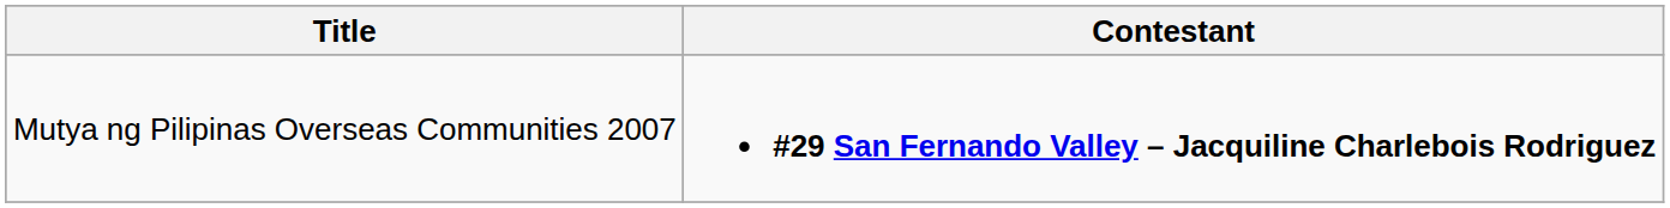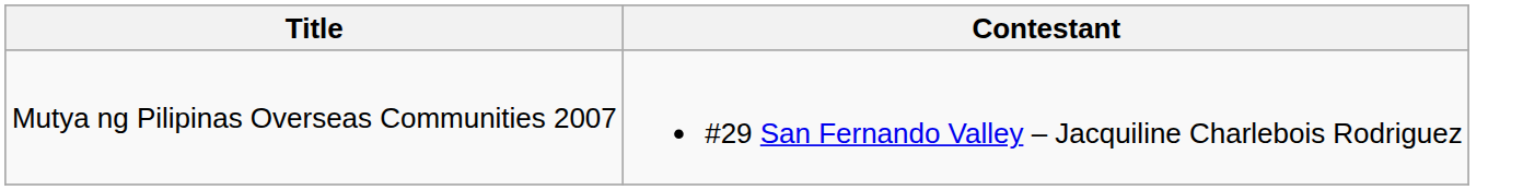 <table class="wikitable sortable" style="font-size: 95%;">
 <tr>
 <th>Title</th>
 <th>Contestant</th>
 </tr>
 <tr>
 <td>Mutya ng Pilipinas Overseas Communities 2007</td>
-<td><strong><br><ul><li>#29 <a href='#'>San Fernando Valley</a> – Jacquiline Charlebois Rodriguez</li></ul></strong></td>
+<td><br><ul><li>#29 <a href='#'>San Fernando Valley</a> – Jacquiline Charlebois Rodriguez</li></ul></td>
 </tr>
 </table>
